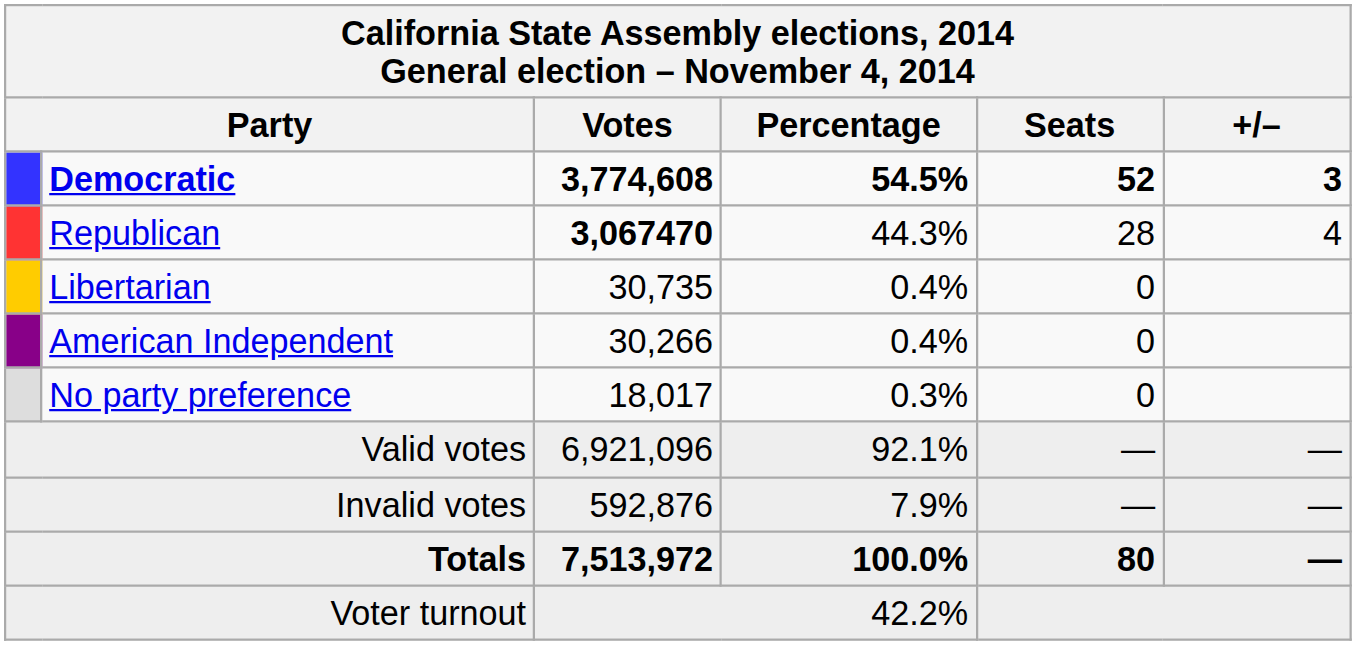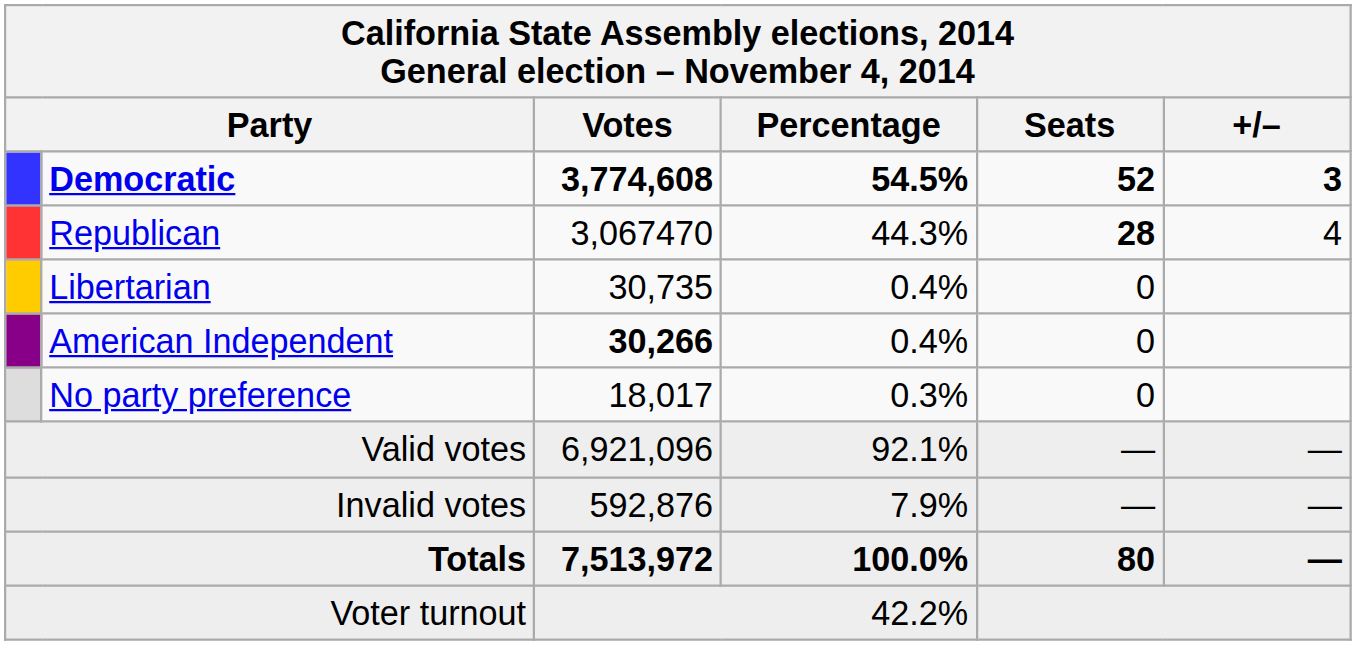 <table class="wikitable" style="font-size:95%;">
 <tr>
 <th colspan="7">California State Assembly elections, 2014<br>General election – November 4, 2014</th>
 </tr>
 <tr>
 <th colspan=2 style="width: 15em">Party</th>
 <th style="width: 5em">Votes</th>
 <th style="width: 7em">Percentage</th>
 <th style="width: 5em">Seats</th>
 <th style="width: 5em">+/–</th>
 </tr>
 <tr>
 <th style="background-color:#33F; width: 3px"></th>
 <td style="width: 130px"><strong><a href='#'>Democratic</a></strong></td>
 <td align="right"><strong>3,774,608</strong></td>
 <td align="right"><strong>54.5%</strong></td>
 <td align="right"><strong>52</strong></td>
 <td align="right"><strong> 3</strong></td>
 </tr>
 <tr>
 <th style="background-color:#F33; width: 3px"></th>
 <td style="width: 130px"><a href='#'>Republican</a></td>
-<td align="right"><strong>3,067470</strong></td>
+<td align="right">3,067470</td>
 <td align="right">44.3%</td>
-<td align="right">28</td>
+<td align="right"><strong>28</strong></td>
 <td align="right"> 4</td>
 </tr>
 <tr>
 <th style="background-color:#FC0; width: 3px"></th>
 <td style="width: 130px"><a href='#'>Libertarian</a></td>
 <td align="right">30,735</td>
 <td align="right">0.4%</td>
 <td align="right">0</td>
 <td align="right"></td>
 </tr>
 <tr>
 <th style="background-color:#808; width: 3px"></th>
 <td style="width: 130px"><a href='#'>American Independent</a></td>
-<td align="right">30,266</td>
+<td align="right"><strong>30,266</strong></td>
 <td align="right">0.4%</td>
 <td align="right">0</td>
 <td align="right"></td>
 </tr>
 <tr>
 <th style="background-color:#DDD; width: 3px"></th>
 <td style="width: 130px"><a href='#'>No party preference</a></td>
 <td align="right">18,017</td>
 <td align="right">0.3%</td>
 <td align="right">0</td>
 <td align="right"></td>
 </tr>
 <tr bgcolor="#EEEEEE">
 <td colspan="2" align="right">Valid votes</td>
 <td align="right">6,921,096</td>
 <td align="right">92.1%</td>
 <td align="right">—</td>
 <td align="right">—</td>
 </tr>
 <tr bgcolor="#EEEEEE">
 <td colspan="2" align="right">Invalid votes</td>
 <td align="right">592,876</td>
 <td align="right">7.9%</td>
 <td align="right">—</td>
 <td align="right">—</td>
 </tr>
 <tr bgcolor="#EEEEEE">
 <td colspan="2" align="right"><strong>Totals</strong></td>
 <td align="right"><strong>7,513,972</strong></td>
 <td align="right"><strong>100.0%</strong></td>
 <td align="right"><strong>80</strong></td>
 <td align="right"><strong>—</strong></td>
 </tr>
 <tr bgcolor="#EEEEEE">
 <td colspan="2" align="right">Voter turnout</td>
 <td colspan="2" align="right">42.2%</td>
 <td colspan="2" align="right"></td>
 </tr>
 </table>
